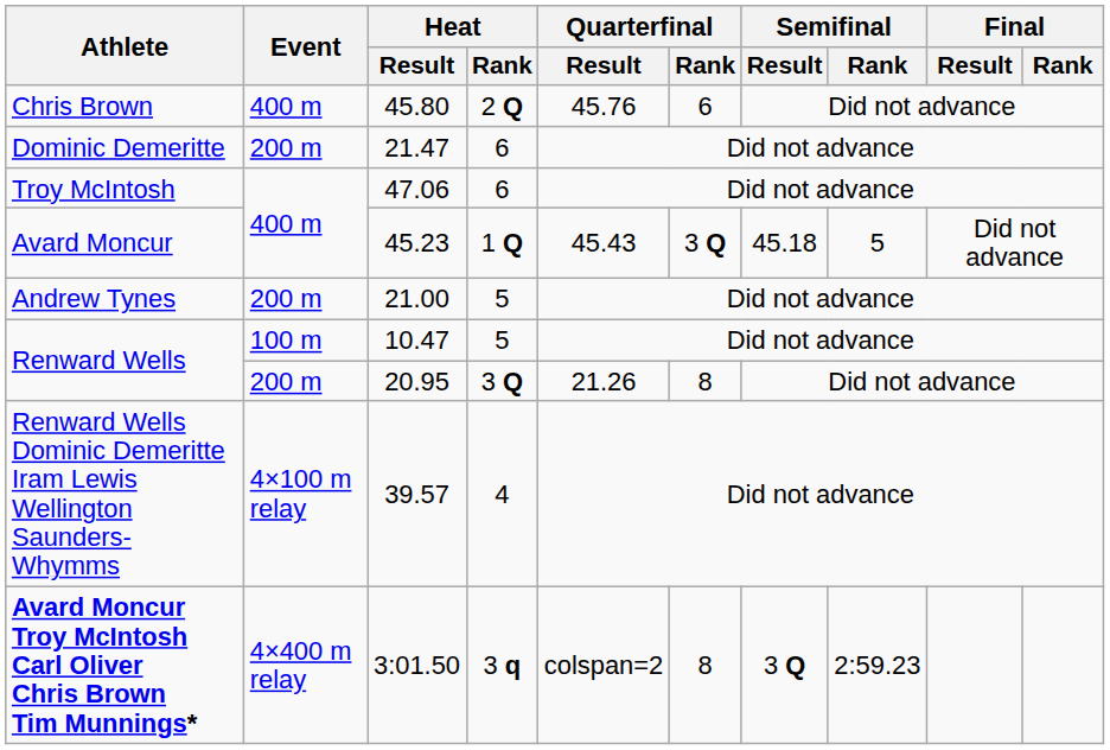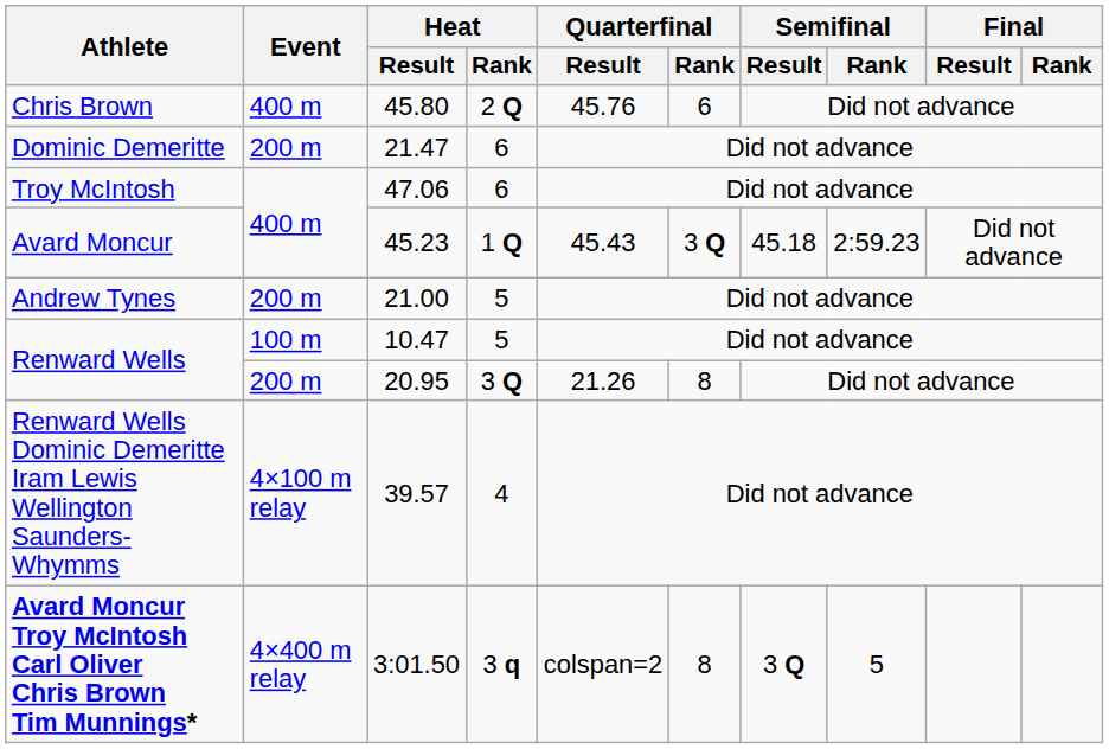 <table class="wikitable" style="font-size:90%">
 <tr>
 <th rowspan="2">Athlete</th>
 <th rowspan="2">Event</th>
 <th colspan="2">Heat</th>
 <th colspan="2">Quarterfinal</th>
 <th colspan="2">Semifinal</th>
 <th colspan="2">Final</th>
 </tr>
 <tr style="font-size:95%">
 <th>Result</th>
 <th>Rank</th>
 <th>Result</th>
 <th>Rank</th>
 <th>Result</th>
 <th>Rank</th>
 <th>Result</th>
 <th>Rank</th>
 </tr>
 <tr align=center>
 <td align=left><a href='#'>Chris Brown</a></td>
 <td align=left><a href='#'>400 m</a></td>
 <td>45.80</td>
 <td>2 <strong>Q</strong></td>
 <td>45.76</td>
 <td>6</td>
 <td colspan=6>Did not advance</td>
 </tr>
 <tr align=center>
 <td align=left><a href='#'>Dominic Demeritte</a></td>
 <td align=left><a href='#'>200 m</a></td>
 <td>21.47</td>
 <td>6</td>
 <td colspan=6>Did not advance</td>
 </tr>
 <tr align=center>
 <td align=left><a href='#'>Troy McIntosh</a></td>
 <td align=left rowspan=2><a href='#'>400 m</a></td>
 <td>47.06</td>
 <td>6</td>
 <td colspan=6>Did not advance</td>
 </tr>
 <tr align=center>
 <td align=left><a href='#'>Avard Moncur</a></td>
 <td>45.23</td>
 <td>1 <strong>Q</strong></td>
 <td>45.43</td>
 <td>3 <strong>Q</strong></td>
 <td>45.18</td>
-<td>5</td>
+<td>2:59.23</td>
 <td colspan=2>Did not advance</td>
 </tr>
 <tr align=center>
 <td align=left><a href='#'>Andrew Tynes</a></td>
 <td align=left><a href='#'>200 m</a></td>
 <td>21.00</td>
 <td>5</td>
 <td colspan=6>Did not advance</td>
 </tr>
 <tr align=center>
 <td align=left rowspan=2><a href='#'>Renward Wells</a></td>
 <td align=left><a href='#'>100 m</a></td>
 <td>10.47</td>
 <td>5</td>
 <td colspan=6>Did not advance</td>
 </tr>
 <tr align=center>
 <td align=left><a href='#'>200 m</a></td>
 <td>20.95</td>
 <td>3 <strong>Q</strong></td>
 <td>21.26</td>
 <td>8</td>
 <td colspan=4>Did not advance</td>
 </tr>
 <tr align=center>
 <td align=left><a href='#'>Renward Wells</a><br><a href='#'>Dominic Demeritte</a><br><a href='#'>Iram Lewis</a><br><a href='#'>Wellington Saunders-Whymms</a></td>
 <td align=left><a href='#'>4×100 m relay</a></td>
 <td>39.57</td>
 <td>4</td>
 <td colspan=6>Did not advance</td>
 </tr>
 <tr align=center>
 <td align=left><strong><a href='#'>Avard Moncur</a><br><a href='#'>Troy McIntosh</a><br><a href='#'>Carl Oliver</a><br><a href='#'>Chris Brown</a><br><a href='#'>Tim Munnings</a>*</strong></td>
 <td align=left><a href='#'>4×400 m relay</a></td>
 <td>3:01.50</td>
 <td>3 <strong>q</strong></td>
 <td>colspan=2 </td>
 <td>8</td>
 <td>3 <strong>Q</strong></td>
-<td>2:59.23</td>
+<td>5</td>
 <td></td>
 </tr>
 </table>
